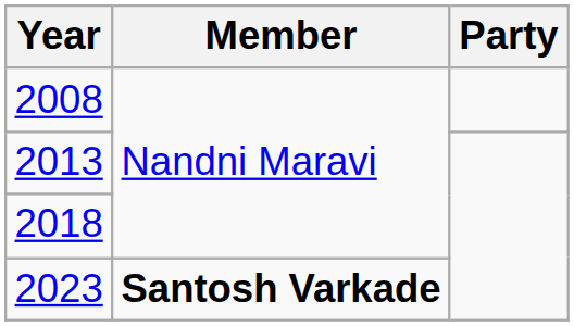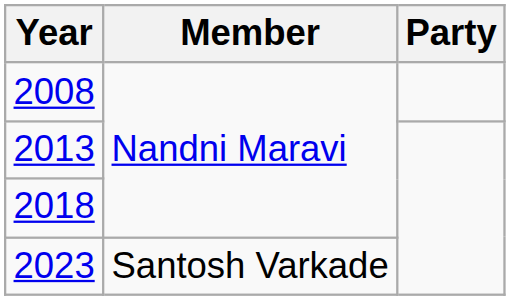 <table class="wikitable sortable">
 <tr>
 <th>Year</th>
 <th>Member</th>
 <th colspan=2>Party</th>
 </tr>
 <tr>
 <td><a href='#'>2008</a></td>
 <td rowspan=3><a href='#'>Nandni Maravi</a></td>
 <td></td>
 </tr>
 <tr>
 <td><a href='#'>2013</a></td>
 </tr>
 <tr>
 <td><a href='#'>2018</a></td>
 </tr>
 <tr>
 <td><a href='#'>2023</a></td>
-<td><strong>Santosh Varkade</strong></td>
+<td>Santosh Varkade</td>
 </tr>
 </table>
